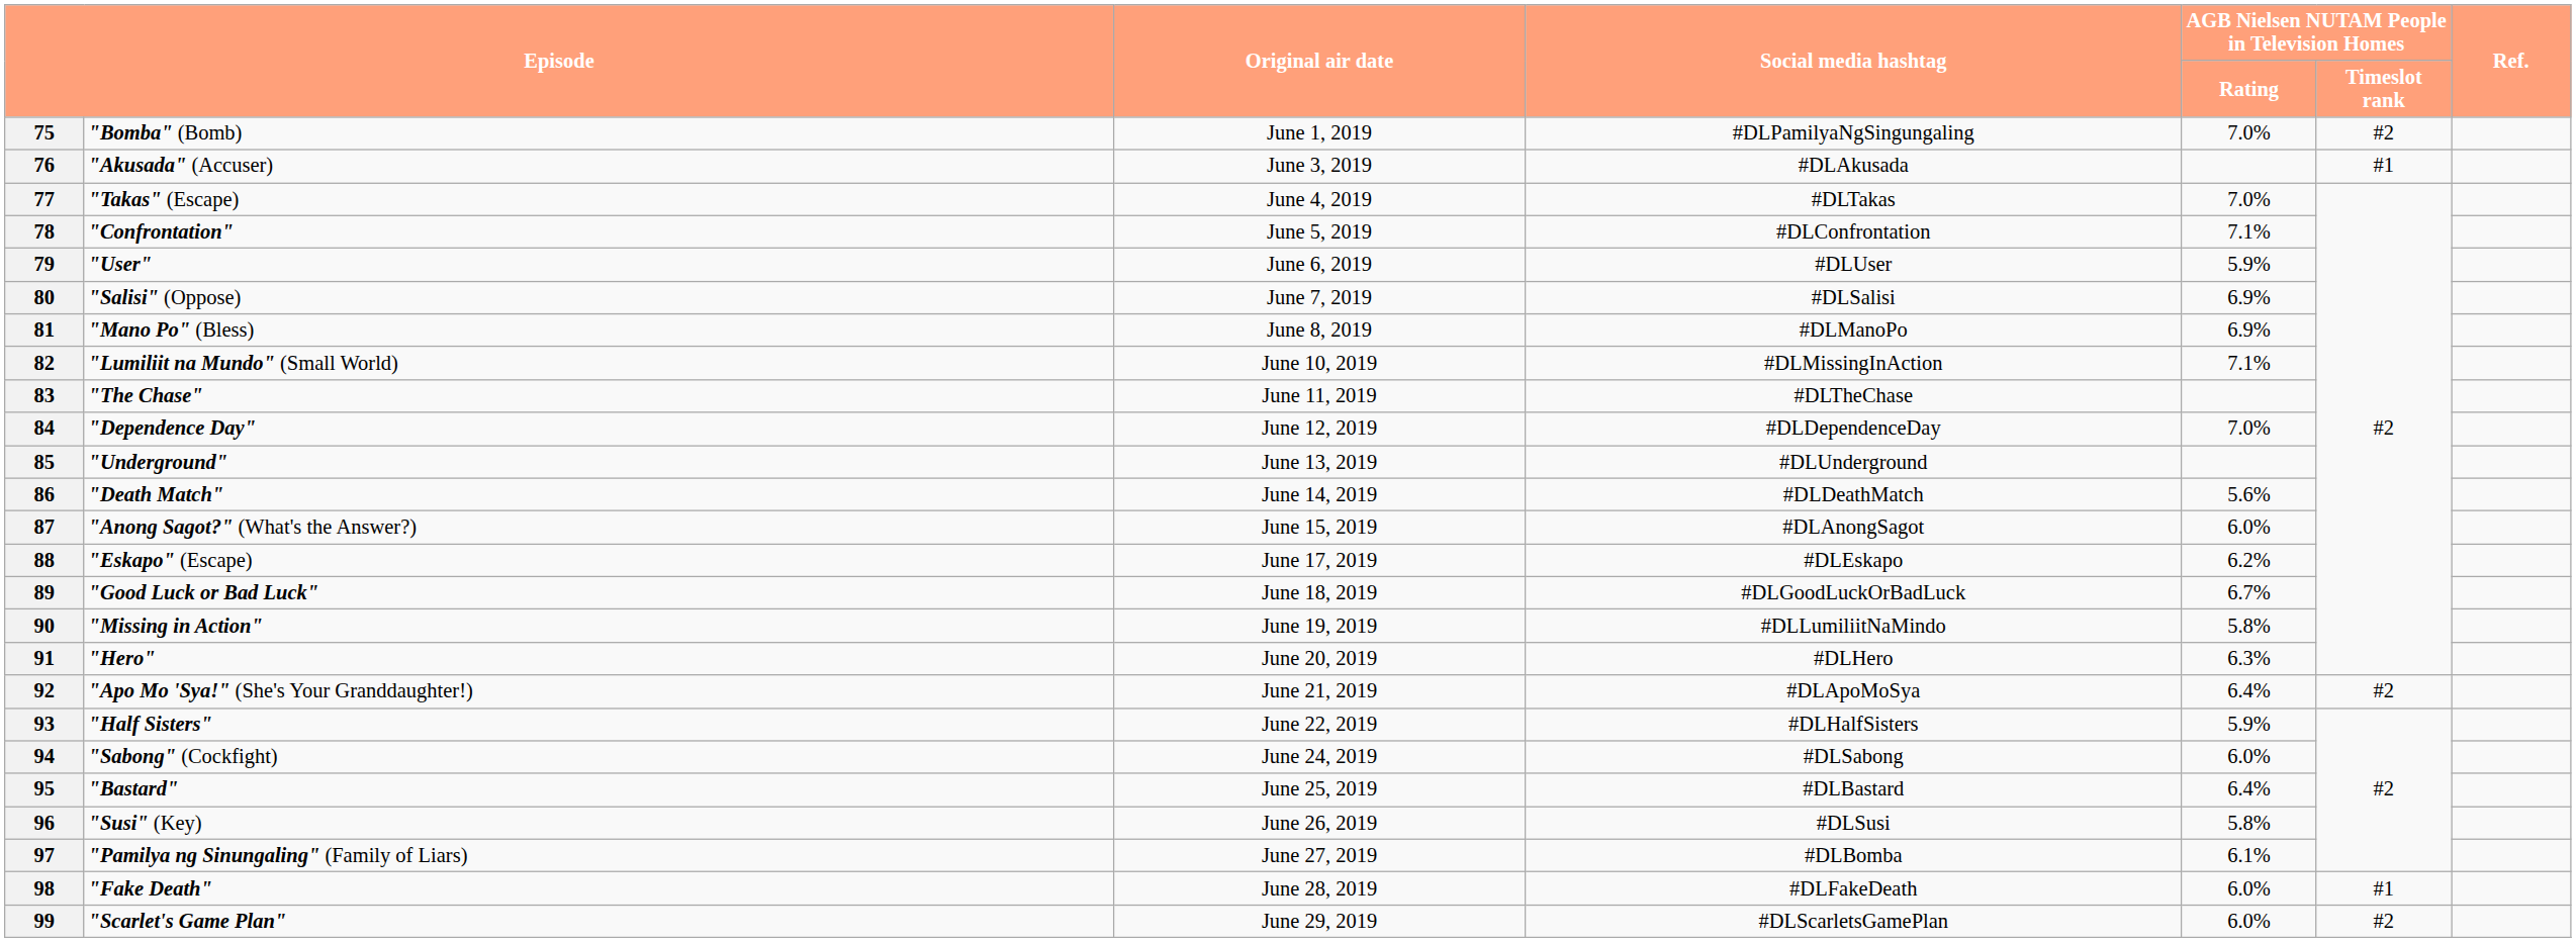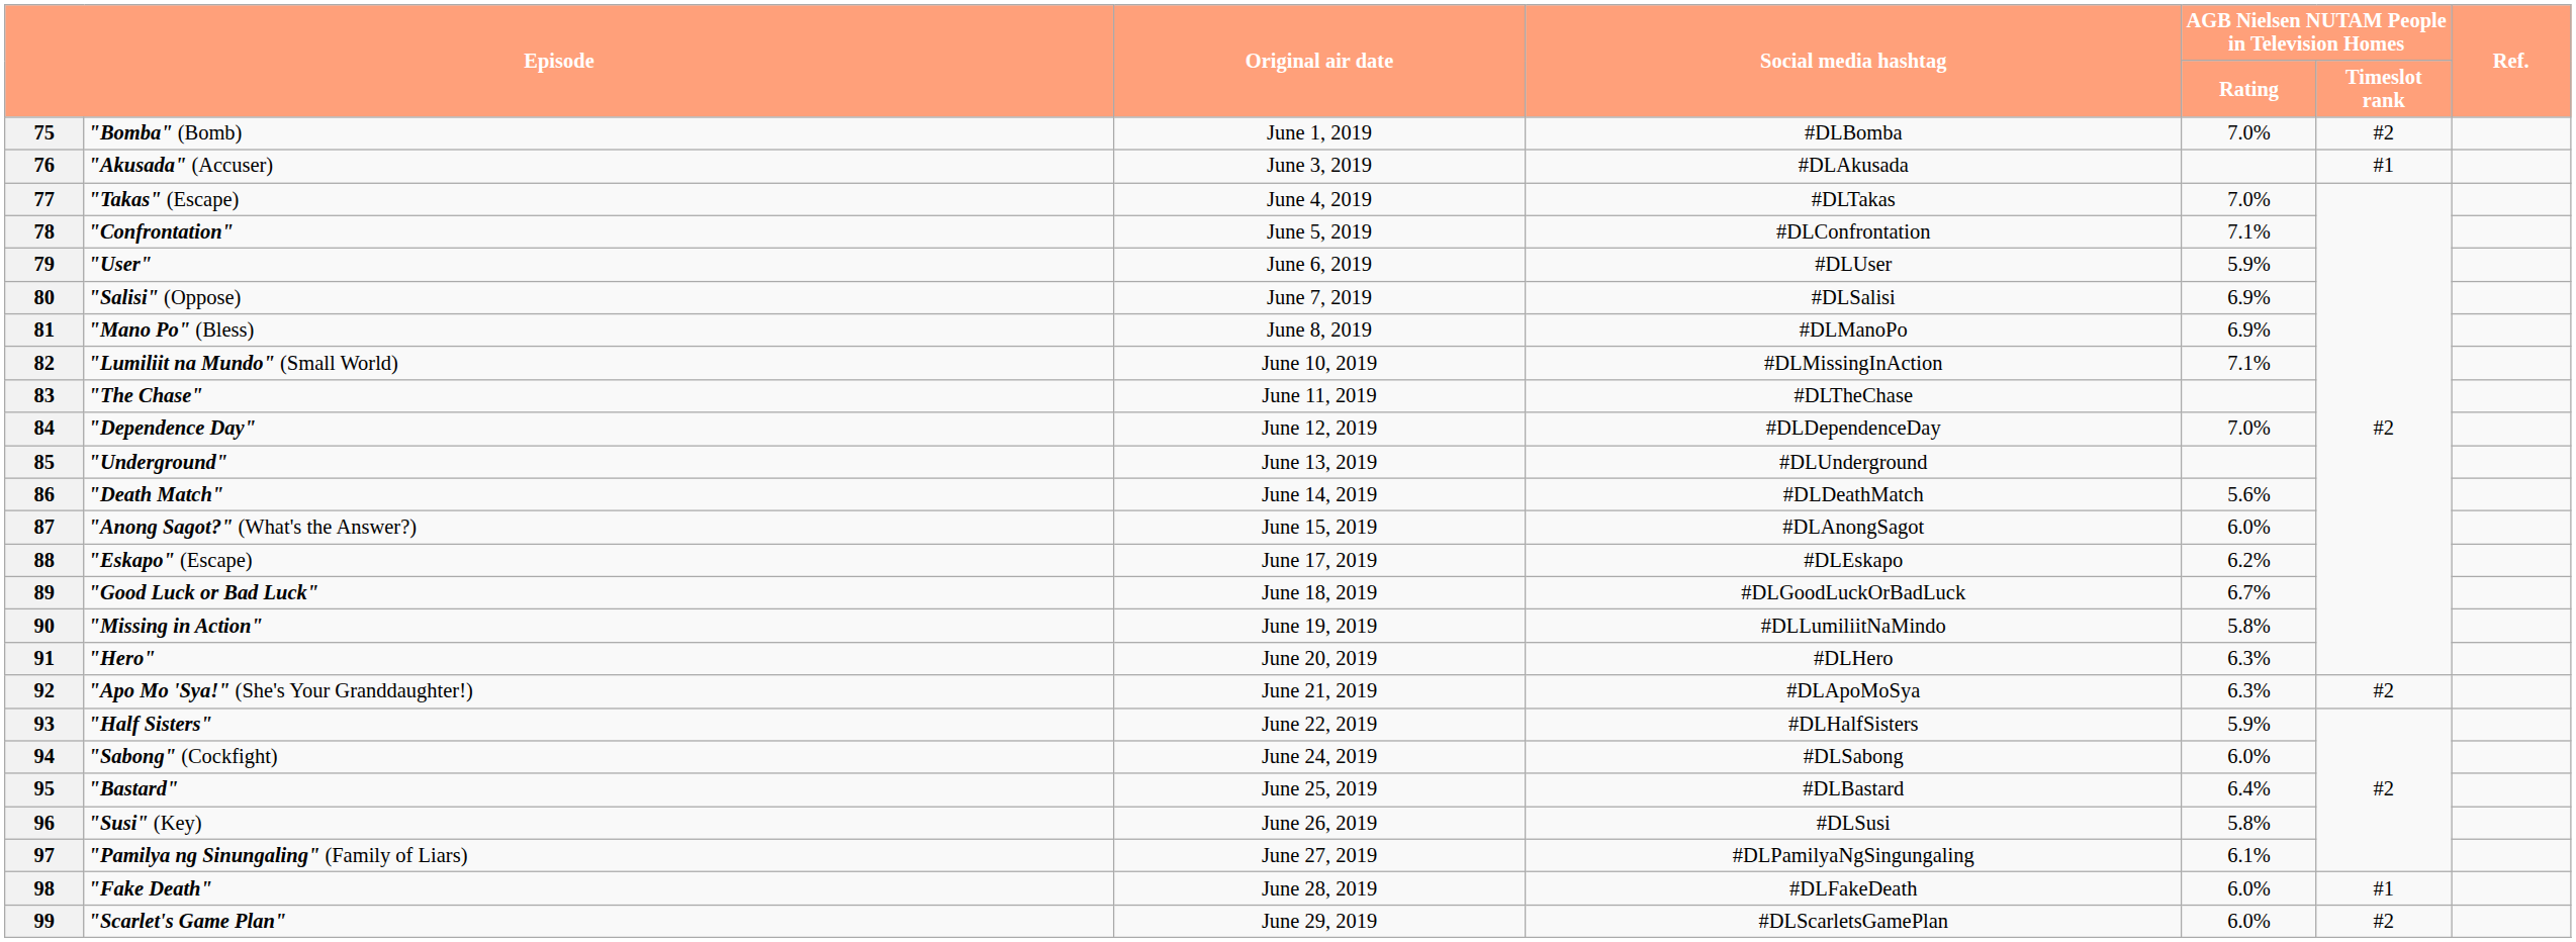 <table class="wikitable" style="text-align:center; font-size:100%; line-height:18px;" width="100%">
 <tr>
 <th style="background-color:#FFA07A; color:#ffffff;" colspan="2" rowspan="2">Episode</th>
 <th style="background-color:#FFA07A; color:white" rowspan="2">Original air date</th>
 <th style="background-color:#FFA07A; color:white" rowspan="2">Social media hashtag</th>
 <th style="background-color:#FFA07A; color:#ffffff;" colspan="2">AGB Nielsen NUTAM People in Television Homes</th>
 <th style="background-color:#FFA07A;  color:#ffffff;" rowspan="2">Ref.</th>
 </tr>
 <tr>
 <th style="background-color:#FFA07A; width:75px; color:#ffffff;">Rating</th>
 <th style="background-color:#FFA07A;  width:75px; color:#ffffff;">Timeslot<br>rank</th>
 </tr>
 <tr>
 <th>75</th>
 <td style="text-align: left;"><strong><em>"Bomba"</em></strong> (Bomb)</td>
 <td>June 1, 2019</td>
-<td>#DLPamilyaNgSingungaling</td>
+<td>#DLBomba</td>
 <td>7.0%</td>
 <td>#2</td>
 <td></td>
 </tr>
 <tr>
 <th>76</th>
 <td style="text-align: left;"><strong><em>"Akusada"</em></strong> (Accuser)</td>
 <td>June 3, 2019</td>
 <td>#DLAkusada</td>
 <td></td>
 <td>#1</td>
 <td></td>
 </tr>
 <tr>
 <th>77</th>
 <td style="text-align: left;"><strong><em>"Takas"</em></strong> (Escape)</td>
 <td>June 4, 2019</td>
 <td>#DLTakas</td>
 <td>7.0%</td>
 <td rowspan="15">#2</td>
 <td></td>
 </tr>
 <tr>
 <th>78</th>
 <td style="text-align: left;"><strong><em>"Confrontation"</em></strong></td>
 <td>June 5, 2019</td>
 <td>#DLConfrontation</td>
 <td>7.1%</td>
 <td></td>
 </tr>
 <tr>
 <th>79</th>
 <td style="text-align: left;"><strong><em>"User"</em></strong></td>
 <td>June 6, 2019</td>
 <td>#DLUser</td>
 <td>5.9%</td>
 <td></td>
 </tr>
 <tr>
 <th>80</th>
 <td style="text-align: left;"><strong><em>"Salisi"</em></strong> (Oppose)</td>
 <td>June 7, 2019</td>
 <td>#DLSalisi</td>
 <td>6.9%</td>
 <td></td>
 </tr>
 <tr>
 <th>81</th>
 <td style="text-align: left;"><strong><em>"Mano Po"</em></strong> (Bless)</td>
 <td>June 8, 2019</td>
 <td>#DLManoPo</td>
 <td>6.9%</td>
 <td></td>
 </tr>
 <tr>
 <th>82</th>
 <td style="text-align: left;"><strong><em>"Lumiliit na Mundo"</em></strong> (Small World)</td>
 <td>June 10, 2019</td>
 <td>#DLMissingInAction</td>
 <td>7.1%</td>
 <td></td>
 </tr>
 <tr>
 <th>83</th>
 <td style="text-align: left;"><strong><em>"The Chase"</em></strong></td>
 <td>June 11, 2019</td>
 <td>#DLTheChase</td>
 <td></td>
 <td></td>
 </tr>
 <tr>
 <th>84</th>
 <td style="text-align: left;"><strong><em>"Dependence Day"</em></strong></td>
 <td>June 12, 2019</td>
 <td>#DLDependenceDay</td>
 <td>7.0%</td>
 <td></td>
 </tr>
 <tr>
 <th>85</th>
 <td style="text-align: left;"><strong><em>"Underground"</em></strong></td>
 <td>June 13, 2019</td>
 <td>#DLUnderground</td>
 <td></td>
 <td></td>
 </tr>
 <tr>
 <th>86</th>
 <td style="text-align: left;"><strong><em>"Death Match"</em></strong></td>
 <td>June 14, 2019</td>
 <td>#DLDeathMatch</td>
 <td>5.6%</td>
 <td></td>
 </tr>
 <tr>
 <th>87</th>
 <td style="text-align: left;"><strong><em>"Anong Sagot?"</em></strong> (What's the Answer?)</td>
 <td>June 15, 2019</td>
 <td>#DLAnongSagot</td>
 <td>6.0%</td>
 <td></td>
 </tr>
 <tr>
 <th>88</th>
 <td style=" text-align: left;"><strong><em>"Eskapo"</em></strong> (Escape)</td>
 <td>June 17, 2019</td>
 <td>#DLEskapo</td>
 <td>6.2%</td>
 <td></td>
 </tr>
 <tr>
 <th>89</th>
 <td style=" text-align: left;"><strong><em>"Good Luck or Bad Luck"</em></strong></td>
 <td>June 18, 2019</td>
 <td>#DLGoodLuckOrBadLuck</td>
 <td>6.7%</td>
 <td></td>
 </tr>
 <tr>
 <th>90</th>
 <td style=" text-align: left;"><strong><em>"Missing in Action"</em></strong></td>
 <td>June 19, 2019</td>
 <td>#DLLumiliitNaMindo</td>
 <td>5.8%</td>
 <td></td>
 </tr>
 <tr>
 <th>91</th>
 <td style=" text-align: left;"><strong><em>"Hero"</em></strong></td>
 <td>June 20, 2019</td>
 <td>#DLHero</td>
 <td>6.3%</td>
 <td></td>
 </tr>
 <tr>
 <th>92</th>
 <td style=" text-align: left;"><strong><em>"Apo Mo 'Sya!"</em></strong> (She's Your Granddaughter!)</td>
 <td>June 21, 2019</td>
 <td>#DLApoMoSya</td>
-<td>6.4%</td>
+<td>6.3%</td>
 <td>#2</td>
 <td></td>
 </tr>
 <tr>
 <th>93</th>
 <td style=" text-align: left;"><strong><em>"Half Sisters"</em></strong></td>
 <td>June 22, 2019</td>
 <td>#DLHalfSisters</td>
 <td>5.9%</td>
 <td rowspan="5">#2</td>
 <td></td>
 </tr>
 <tr>
 <th>94</th>
 <td style=" text-align: left;"><strong><em>"Sabong"</em></strong> (Cockfight)</td>
 <td>June 24, 2019</td>
 <td>#DLSabong</td>
 <td>6.0%</td>
 <td></td>
 </tr>
 <tr>
 <th>95</th>
 <td style=" text-align: left;"><strong><em>"Bastard"</em></strong></td>
 <td>June 25, 2019</td>
 <td>#DLBastard</td>
 <td>6.4%</td>
 <td></td>
 </tr>
 <tr>
 <th>96</th>
 <td style=" text-align: left;"><strong><em>"Susi"</em></strong> (Key)</td>
 <td>June 26, 2019</td>
 <td>#DLSusi</td>
 <td>5.8%</td>
 <td></td>
 </tr>
 <tr>
 <th>97</th>
 <td style=" text-align: left;"><strong><em>"Pamilya ng Sinungaling"</em></strong> (Family of Liars)</td>
 <td>June 27, 2019</td>
-<td>#DLBomba</td>
+<td>#DLPamilyaNgSingungaling</td>
 <td>6.1%</td>
 <td></td>
 </tr>
 <tr>
 <th>98</th>
 <td style=" text-align: left;"><strong><em>"Fake Death"</em></strong></td>
 <td>June 28, 2019</td>
 <td>#DLFakeDeath</td>
 <td>6.0%</td>
 <td>#1</td>
 <td></td>
 </tr>
 <tr>
 <th>99</th>
 <td style=" text-align: left;"><strong><em>"Scarlet's Game Plan"</em></strong></td>
 <td>June 29, 2019</td>
 <td>#DLScarletsGamePlan</td>
 <td>6.0%</td>
 <td>#2</td>
 <td></td>
 </tr>
 <tr>
 </tr>
 </table>
